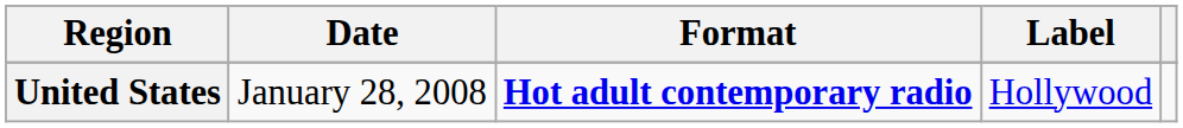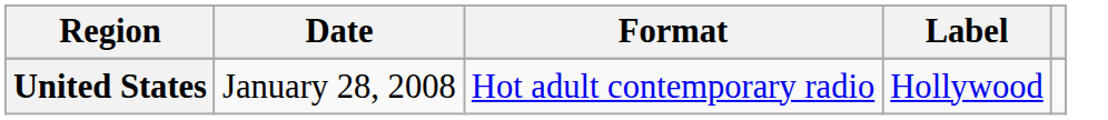 <table class="wikitable plainrowheaders">
 <tr>
 <th scope="col">Region</th>
 <th scope="col">Date</th>
 <th scope="col">Format</th>
 <th scope="col">Label</th>
 <th scope="col"></th>
 </tr>
 <tr>
 </tr>
 <tr>
 <th scope="row">United States</th>
 <td>January 28, 2008</td>
-<td rowspan="1"><strong><a href='#'>Hot adult contemporary radio</a></strong></td>
+<td rowspan="1"><a href='#'>Hot adult contemporary radio</a></td>
 <td rowspan="1"><a href='#'>Hollywood</a></td>
 <td></td>
 </tr>
 </table>
